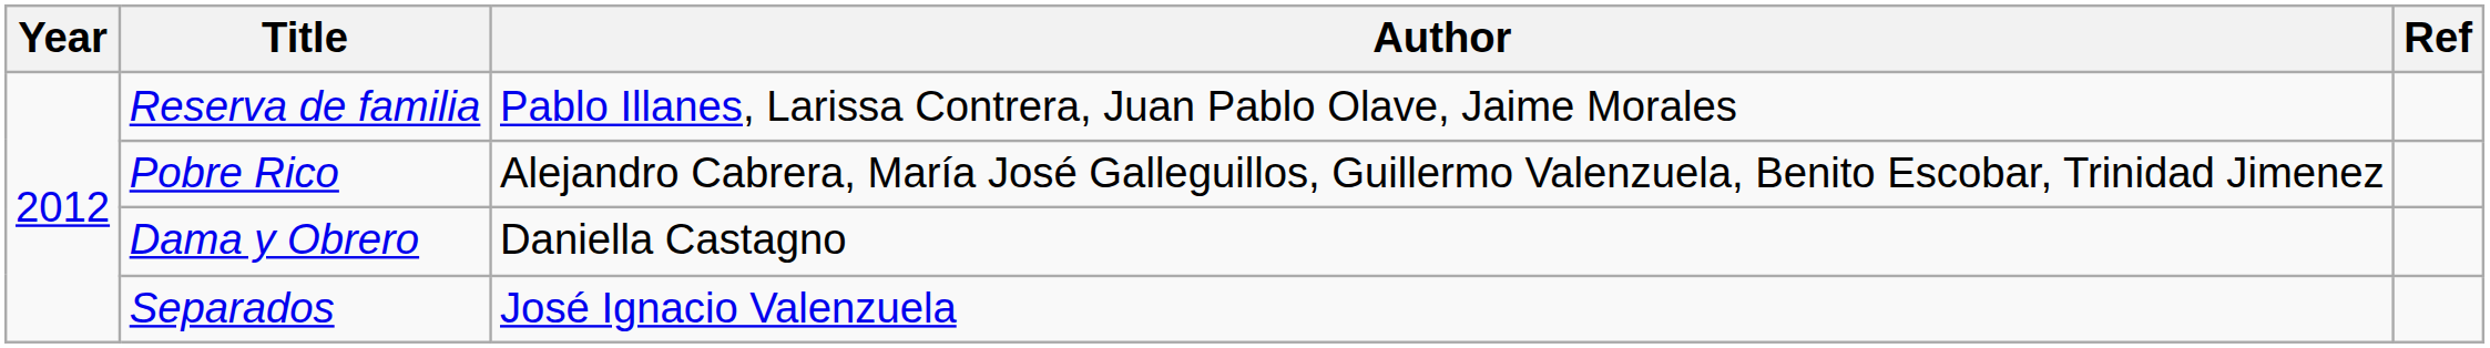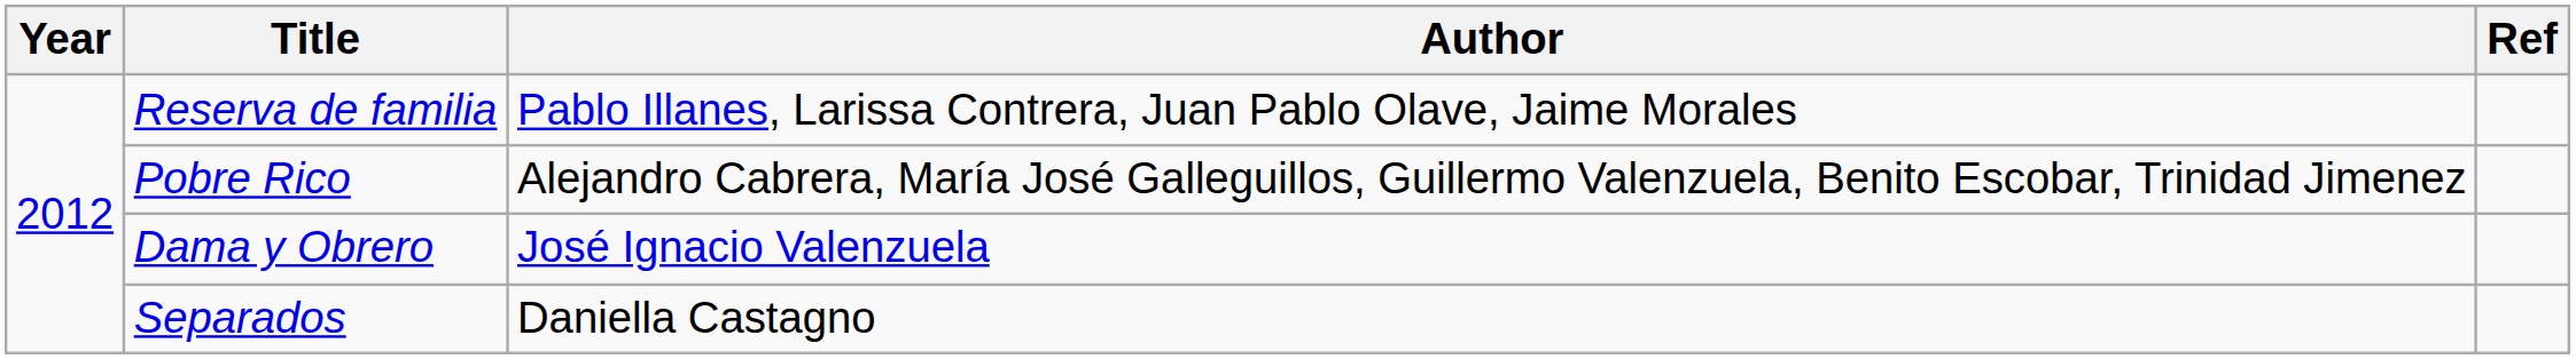 <table class="wikitable sortable">
 <tr>
 <th>Year</th>
 <th>Title</th>
 <th>Author</th>
 <th>Ref</th>
 </tr>
 <tr>
 <td rowspan="4"><a href='#'>2012</a></td>
 <td><em><a href='#'>Reserva de familia</a></em></td>
 <td><a href='#'>Pablo Illanes</a>, Larissa Contrera, Juan Pablo Olave, Jaime Morales</td>
 <td></td>
 </tr>
 <tr>
 <td><em><a href='#'>Pobre Rico</a></em></td>
 <td>Alejandro Cabrera, María José Galleguillos, Guillermo Valenzuela, Benito Escobar, Trinidad Jimenez</td>
 <td></td>
 </tr>
 <tr>
 <td><em><a href='#'>Dama y Obrero</a></em></td>
-<td>Daniella Castagno</td>
+<td><a href='#'>José Ignacio Valenzuela</a></td>
 <td></td>
 </tr>
 <tr>
 <td><em><a href='#'>Separados</a></em></td>
-<td><a href='#'>José Ignacio Valenzuela</a></td>
+<td>Daniella Castagno</td>
 <td></td>
 </tr>
 </table>
